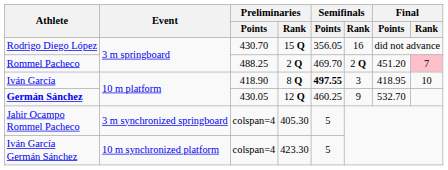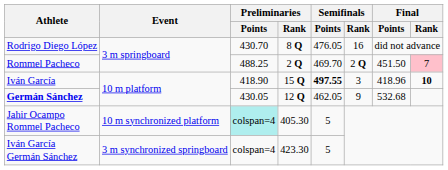 <table class=wikitable style="font-size:90%">
 <tr>
 <th rowspan="2">Athlete</th>
 <th rowspan="2">Event</th>
 <th colspan="2">Preliminaries</th>
 <th colspan="2">Semifinals</th>
 <th colspan="2">Final</th>
 </tr>
 <tr style="font-size:95%">
 <th>Points</th>
 <th>Rank</th>
 <th>Points</th>
 <th>Rank</th>
 <th>Points</th>
 <th>Rank</th>
 </tr>
 <tr align=center>
 <td align=left><a href='#'>Rodrigo Diego López</a></td>
 <td align=left rowspan=2><a href='#'>3 m springboard</a></td>
 <td>430.70</td>
-<td>15 <strong>Q</strong></td>
-<td>356.05</td>
+<td>8 <strong>Q</strong></td>
+<td>476.05</td>
 <td>16</td>
 <td colspan=2>did not advance</td>
 </tr>
 <tr align=center>
 <td align=left><a href='#'>Rommel Pacheco</a></td>
 <td>488.25</td>
 <td>2 <strong>Q</strong></td>
 <td>469.70</td>
 <td>2 <strong>Q</strong></td>
-<td>451.20</td>
+<td>451.50</td>
 <td style="background: pink;">7</td>
 </tr>
 <tr align=center>
 <td align=left><a href='#'>Iván García</a></td>
 <td align=left rowspan=2><a href='#'>10 m platform</a></td>
 <td>418.90</td>
-<td>8 <strong>Q</strong></td>
+<td>15 <strong>Q</strong></td>
 <td><strong>497.55</strong></td>
 <td>3</td>
-<td>418.95</td>
-<td>10</td>
+<td>418.96</td>
+<td><strong>10</strong></td>
 </tr>
 <tr align=center>
 <td align=left><strong><a href='#'>Germán Sánchez</a></strong></td>
 <td>430.05</td>
 <td>12 <strong>Q</strong></td>
-<td>460.25</td>
+<td>462.05</td>
 <td>9</td>
-<td>532.70</td>
+<td>532.68</td>
 <td></td>
 </tr>
 <tr align=center>
 <td align=left><a href='#'>Jahir Ocampo</a><br><a href='#'>Rommel Pacheco</a></td>
-<td align=left><a href='#'>3 m synchronized springboard</a></td>
-<td>colspan=4 </td>
+<td align=left><a href='#'>10 m synchronized platform</a></td>
+<td style="background: paleturquoise;">colspan=4 </td>
 <td>405.30</td>
 <td>5</td>
 </tr>
 <tr align=center>
 <td align=left><a href='#'>Iván García</a><br><a href='#'>Germán Sánchez</a></td>
-<td align=left><a href='#'>10 m synchronized platform</a></td>
+<td align=left><a href='#'>3 m synchronized springboard</a></td>
 <td>colspan=4 </td>
 <td>423.30</td>
 <td>5</td>
 </tr>
 </table>
